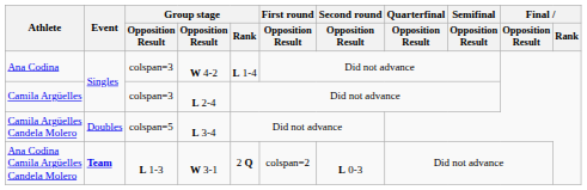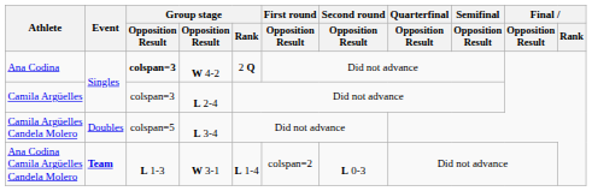 <table class=wikitable style=font-size:90%;text-align:center>
 <tr>
 <th rowspan=2>Athlete</th>
 <th rowspan=2>Event</th>
 <th colspan=3>Group stage</th>
 <th>First round</th>
 <th>Second round</th>
 <th>Quarterfinal</th>
 <th>Semifinal</th>
 <th colspan=2>Final / </th>
 </tr>
 <tr style=font-size:95%>
 <th>Opposition<br>Result</th>
 <th>Opposition<br>Result</th>
 <th>Rank</th>
 <th>Opposition<br>Result</th>
 <th>Opposition<br>Result</th>
 <th>Opposition<br>Result</th>
 <th>Opposition<br>Result</th>
 <th>Opposition<br>Result</th>
 <th>Rank</th>
 </tr>
 <tr>
 <td align=left><a href='#'>Ana Codina</a></td>
 <td align=left rowspan=2><a href='#'>Singles</a></td>
-<td>colspan=3 </td>
+<td><strong>colspan=3 </strong></td>
 <td><br><strong>W</strong> 4-2</td>
-<td><br><strong>L</strong> 1-4</td>
+<td>2 <strong>Q</strong></td>
 <td colspan=4>Did not advance</td>
 </tr>
 <tr>
 <td align=left><a href='#'>Camila Argüelles</a></td>
 <td>colspan=3 </td>
 <td><br><strong>L</strong> 2-4</td>
 <td colspan=5>Did not advance</td>
 </tr>
 <tr>
 <td align=left><a href='#'>Camila Argüelles</a><br><a href='#'>Candela Molero</a></td>
 <td align=left><a href='#'>Doubles</a></td>
 <td>colspan=5 </td>
 <td><br><strong>L</strong> 3-4</td>
 <td colspan=3>Did not advance</td>
 </tr>
 <tr>
 <td align=left><a href='#'>Ana Codina</a><br><a href='#'>Camila Argüelles</a><br><a href='#'>Candela Molero</a></td>
 <td align=left><strong><a href='#'>Team</a></strong></td>
 <td><br><strong>L</strong> 1-3</td>
 <td><br><strong>W</strong> 3-1</td>
-<td>2 <strong>Q</strong></td>
+<td><br><strong>L</strong> 1-4</td>
 <td>colspan=2 </td>
 <td><br><strong>L</strong> 0-3</td>
 <td colspan=3>Did not advance</td>
 </tr>
 </table>
